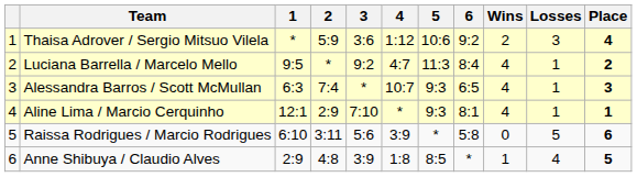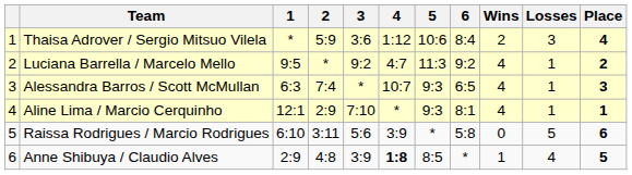 <table class="wikitable" style="text-align:center;">
 <tr>
 <th></th>
 <th>Team</th>
 <th width="25">1</th>
 <th width="25">2</th>
 <th width="25">3</th>
 <th width="25">4</th>
 <th width="25">5</th>
 <th width="25">6</th>
 <th width="20">Wins</th>
 <th width="20">Losses</th>
 <th>Place</th>
 </tr>
 <tr bgcolor=#ffc>
 <td>1</td>
 <td align=left>Thaisa Adrover / Sergio Mitsuo Vilela</td>
 <td>*</td>
 <td>5:9</td>
 <td>3:6</td>
 <td>1:12</td>
 <td>10:6</td>
-<td>9:2</td>
+<td>8:4</td>
 <td>2</td>
 <td>3</td>
 <td><strong>4</strong></td>
 </tr>
 <tr bgcolor=#ffc>
 <td>2</td>
 <td align=left>Luciana Barrella / Marcelo Mello</td>
 <td>9:5</td>
 <td>*</td>
 <td>9:2</td>
 <td>4:7</td>
 <td>11:3</td>
-<td>8:4</td>
+<td>9:2</td>
 <td>4</td>
 <td>1</td>
 <td><strong>2</strong></td>
 </tr>
 <tr bgcolor=#ffc>
 <td>3</td>
 <td align=left>Alessandra Barros / Scott McMullan</td>
 <td>6:3</td>
 <td>7:4</td>
 <td>*</td>
 <td>10:7</td>
 <td>9:3</td>
 <td>6:5</td>
 <td>4</td>
 <td>1</td>
 <td><strong>3</strong></td>
 </tr>
 <tr bgcolor=#ffc>
 <td>4</td>
 <td align=left>Aline Lima / Marcio Cerquinho</td>
 <td>12:1</td>
 <td>2:9</td>
 <td>7:10</td>
 <td>*</td>
 <td>9:3</td>
 <td>8:1</td>
 <td>4</td>
 <td>1</td>
 <td><strong>1</strong></td>
 </tr>
 <tr>
 <td>5</td>
 <td align=left>Raissa Rodrigues / Marcio Rodrigues</td>
 <td>6:10</td>
 <td>3:11</td>
 <td>5:6</td>
 <td>3:9</td>
 <td>*</td>
 <td>5:8</td>
 <td>0</td>
 <td>5</td>
 <td><strong>6</strong></td>
 </tr>
 <tr>
 <td>6</td>
 <td align=left>Anne Shibuya / Claudio Alves</td>
 <td>2:9</td>
 <td>4:8</td>
 <td>3:9</td>
-<td>1:8</td>
+<td><strong>1:8</strong></td>
 <td>8:5</td>
 <td>*</td>
 <td>1</td>
 <td>4</td>
 <td><strong>5</strong></td>
 </tr>
 </table>
